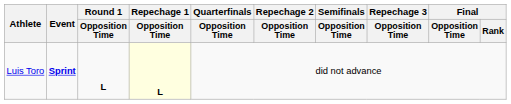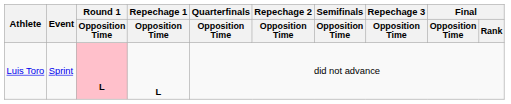 <table class="wikitable" border="1" style="font-size:90%">
 <tr>
 <th rowspan="2">Athlete</th>
 <th rowspan="2">Event</th>
 <th>Round 1</th>
 <th>Repechage 1</th>
 <th>Quarterfinals</th>
 <th>Repechage 2</th>
 <th>Semifinals</th>
 <th>Repechage 3</th>
 <th colspan=2>Final</th>
 </tr>
 <tr style="font-size:95%">
 <th>Opposition<br>Time</th>
 <th>Opposition<br>Time</th>
 <th>Opposition<br>Time</th>
 <th>Opposition<br>Time</th>
 <th>Opposition<br>Time</th>
 <th>Opposition<br>Time</th>
 <th>Opposition<br>Time</th>
 <th>Rank</th>
 </tr>
 <tr align=center>
 <td align=left><a href='#'>Luis Toro</a></td>
-<td align=left><strong><a href='#'>Sprint</a></strong></td>
-<td><br><br><br><strong>L</strong></td>
-<td style="background: lightyellow;"><br><br><br><br><strong>L</strong></td>
+<td align=left><a href='#'>Sprint</a></td>
+<td style="background: pink;"><br><br><br><strong>L</strong></td>
+<td><br><br><br><br><strong>L</strong></td>
 <td colspan=6>did not advance</td>
 </tr>
 </table>
